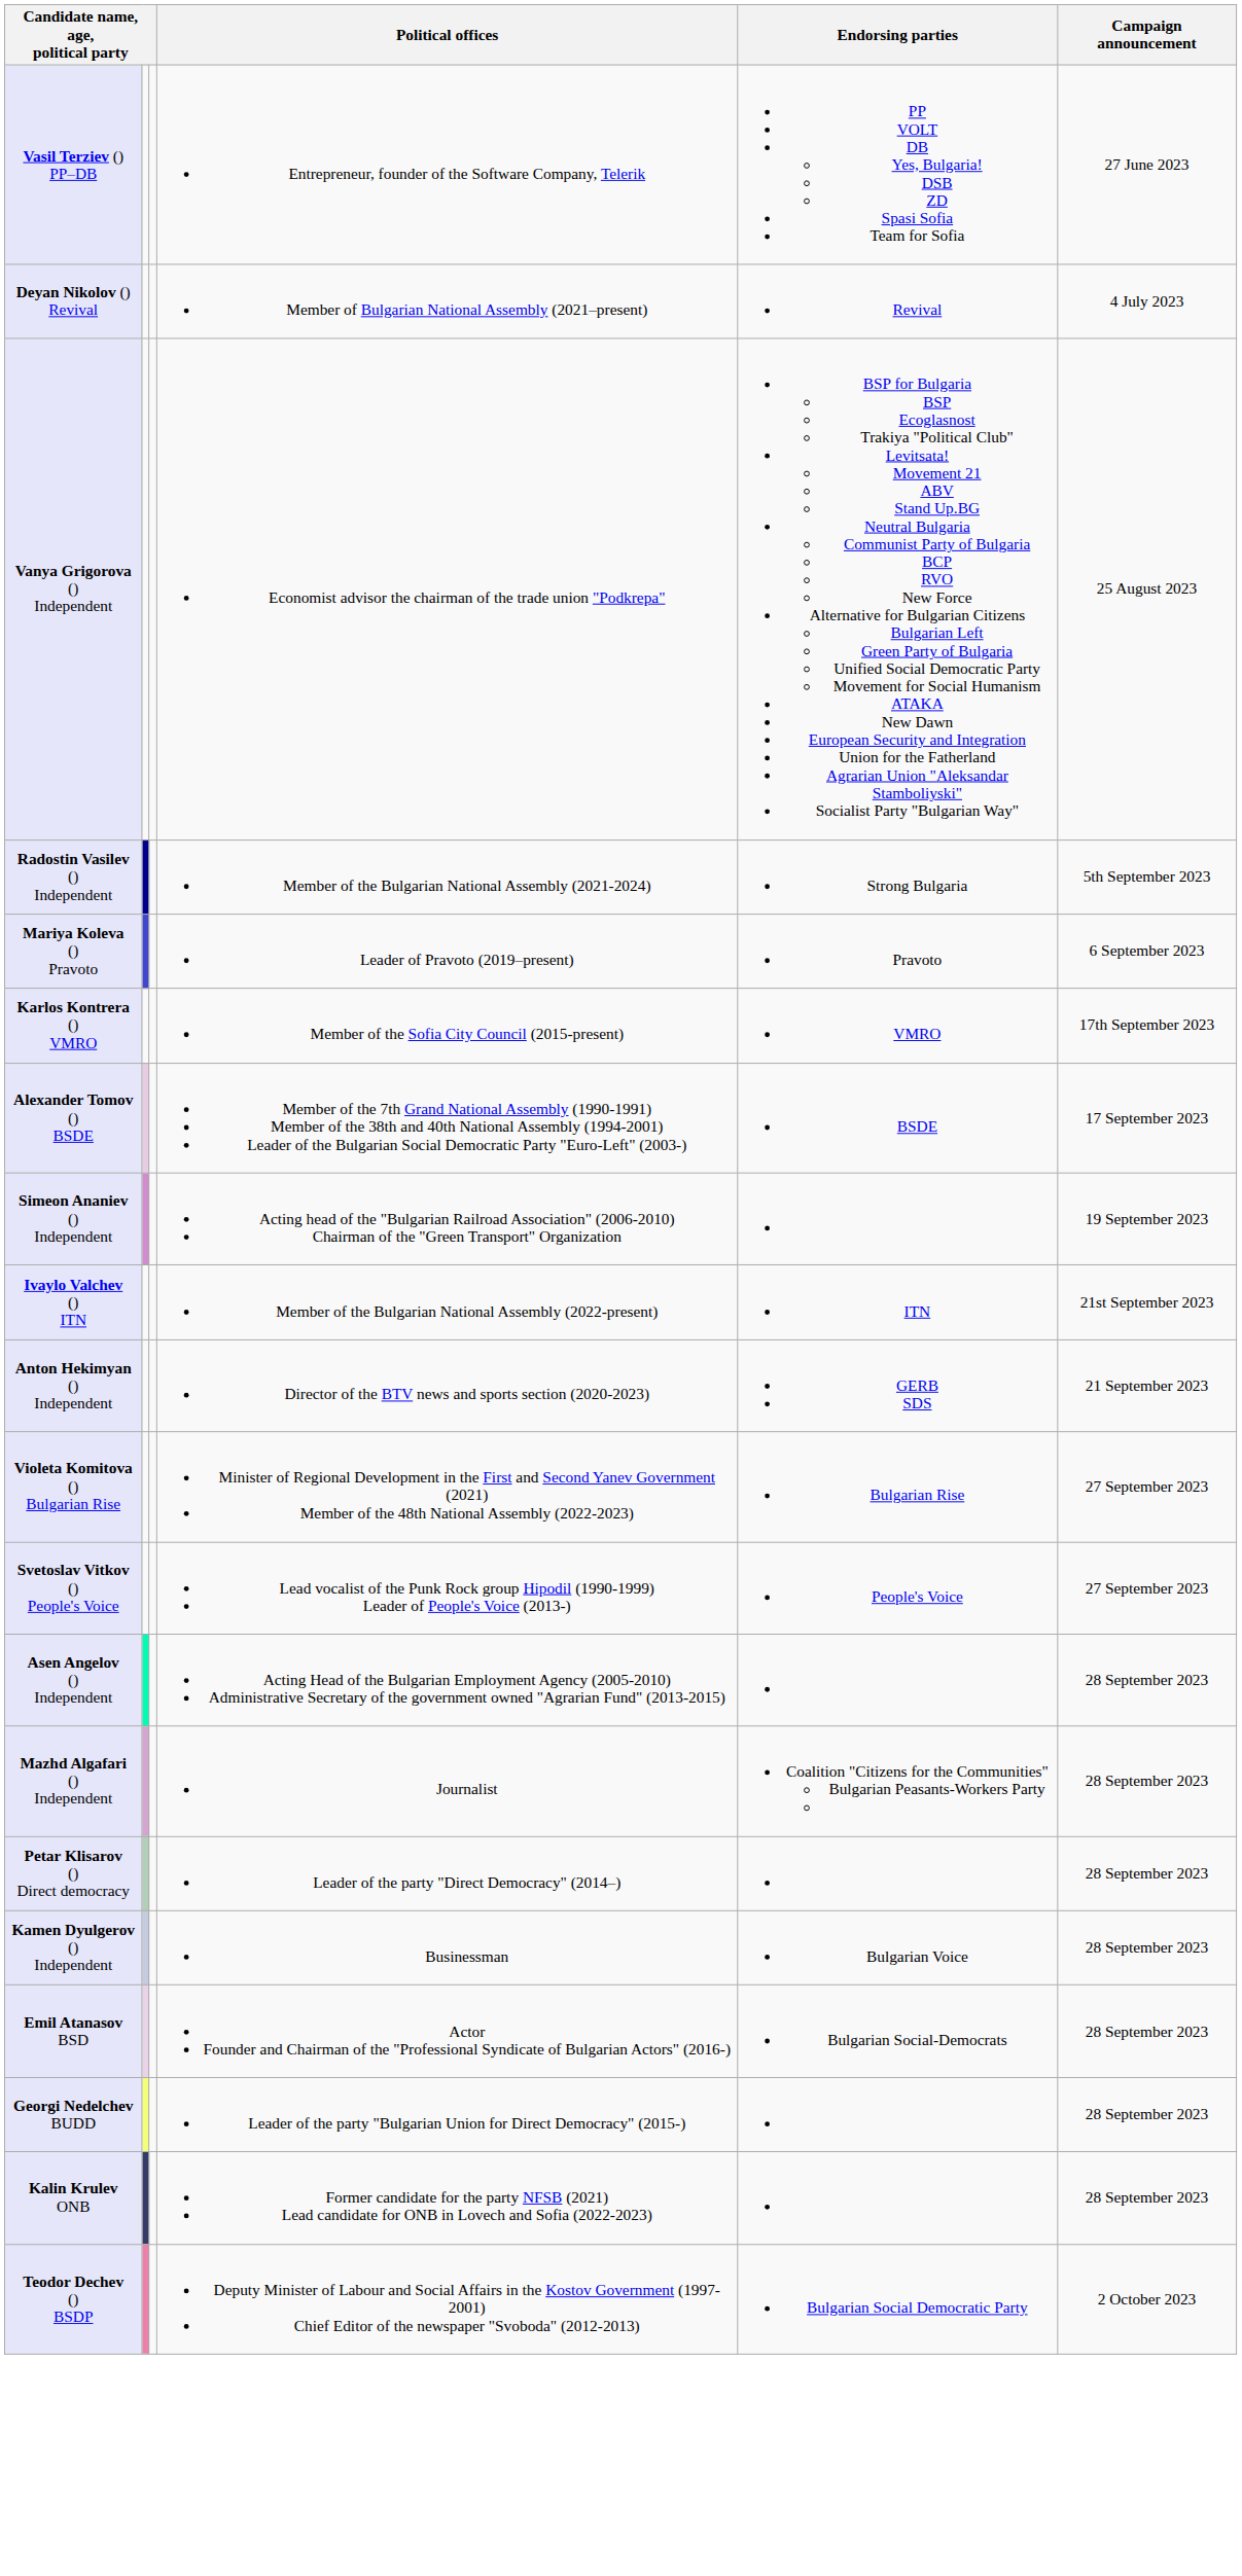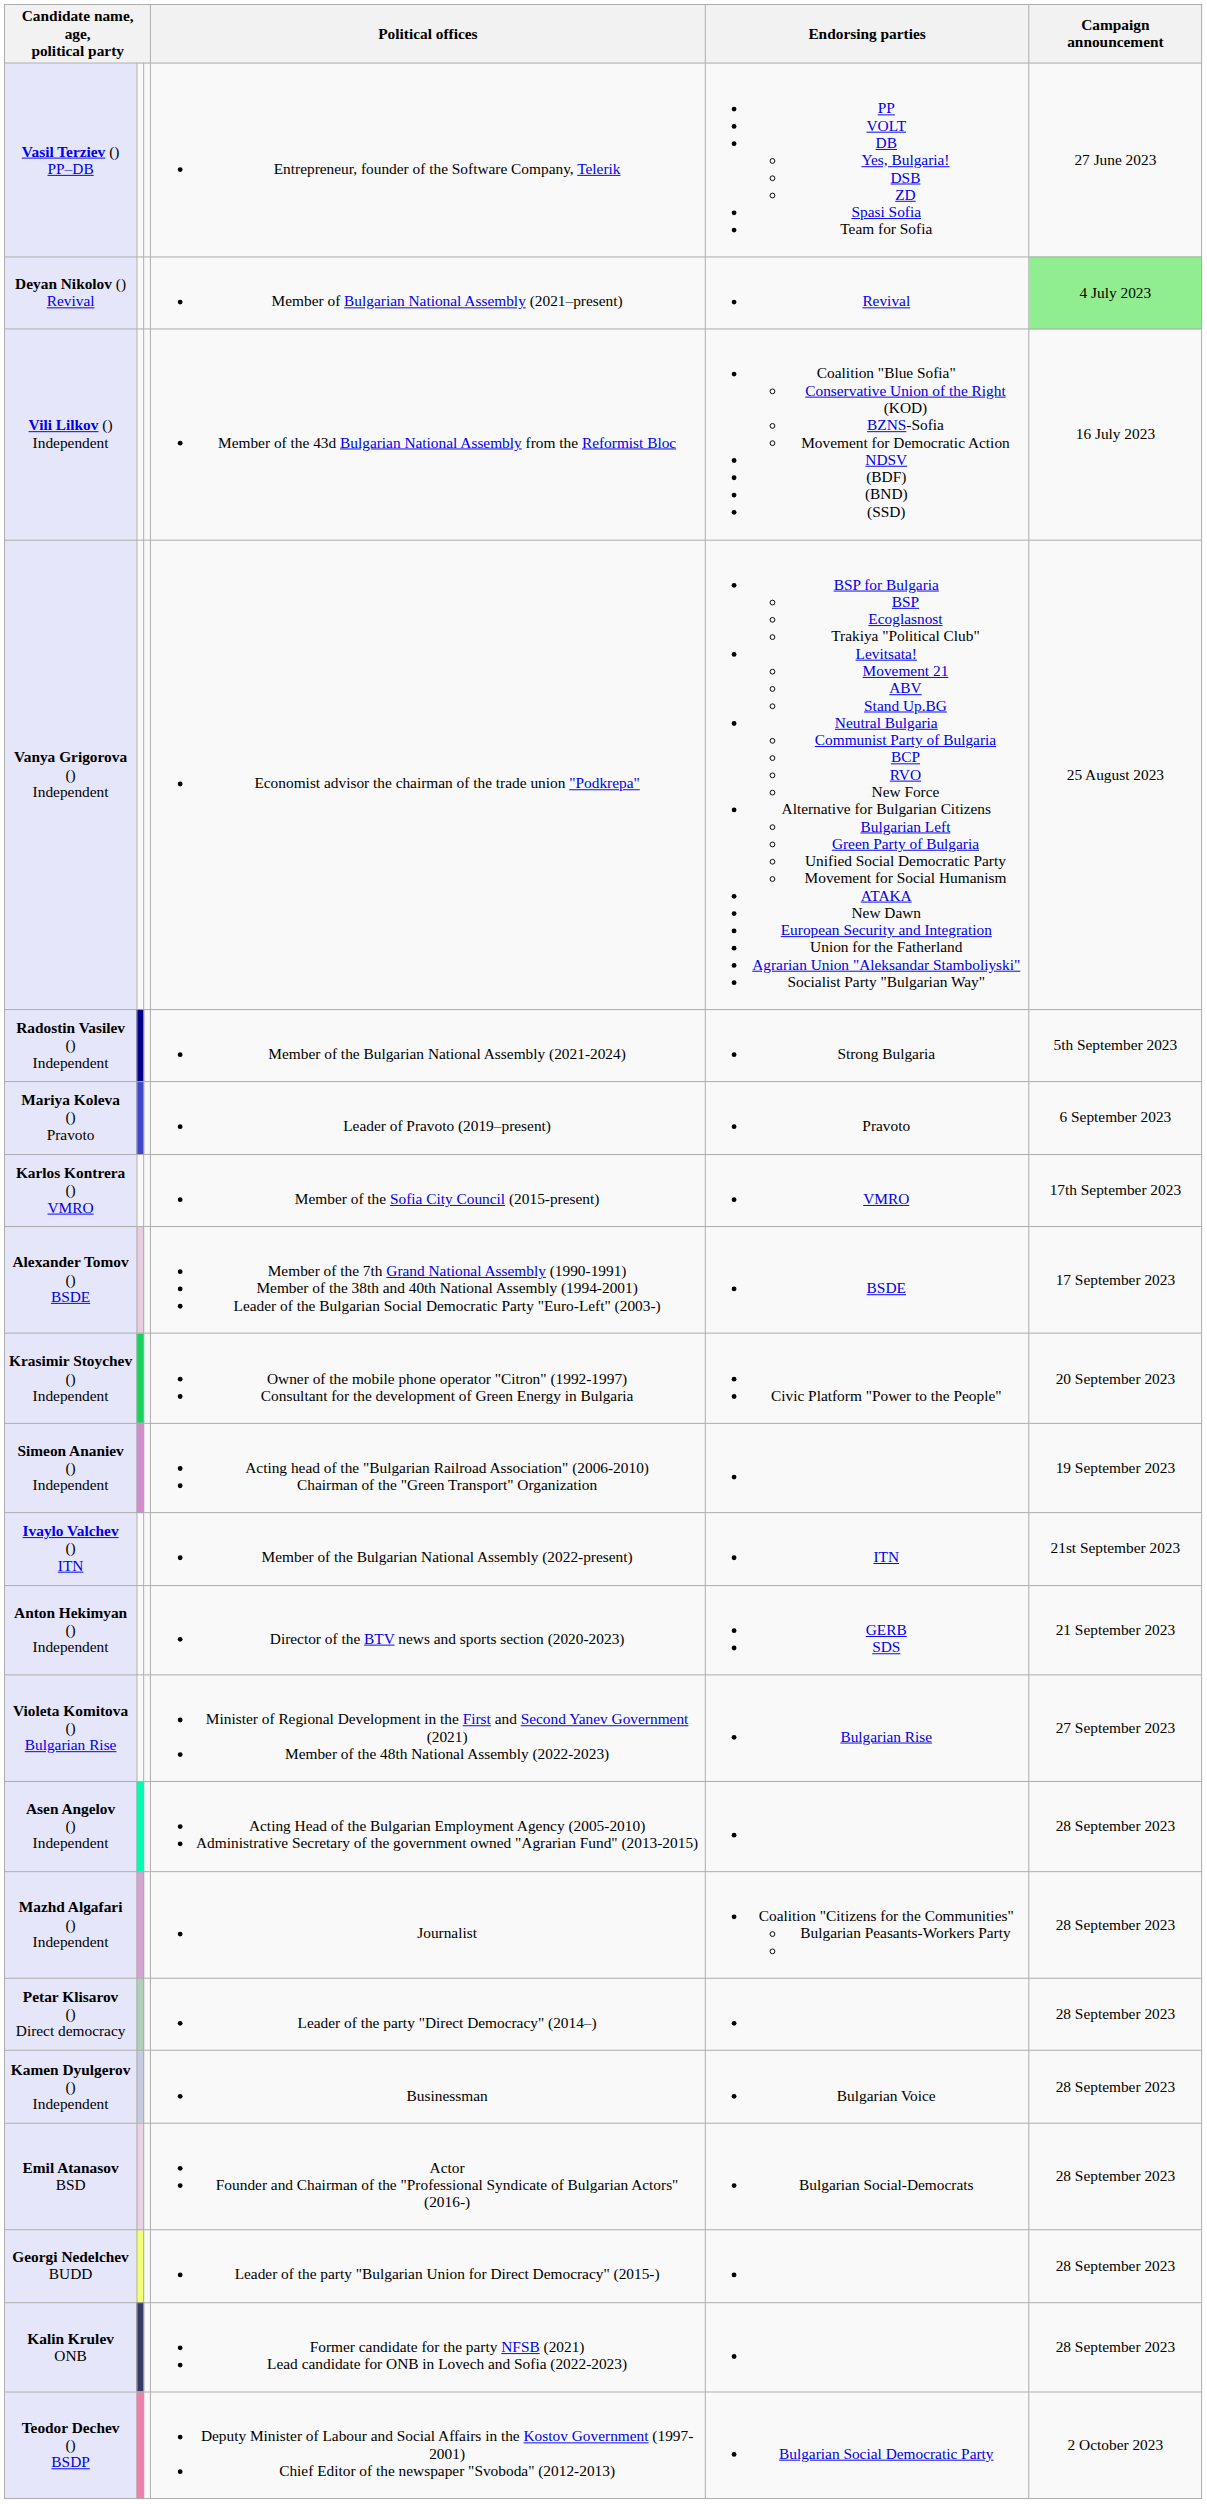 <table class="wikitable" style="text-align:center;">
 <tr>
 <th colspan="3">Candidate name, age,<br>political party</th>
 <th>Political offices</th>
 <th>Endorsing parties</th>
 <th>Campaign announcement</th>
 </tr>
 <tr>
 <td style="background:lavender;"><strong><a href='#'>Vasil Terziev</a></strong> ()<br><a href='#'>PP–DB</a></td>
 <td style="background-color:"></td>
 <td></td>
 <td><br><ul><li>Entrepreneur, founder of the Software Company, <a href='#'>Telerik</a></li></ul></td>
 <td><br><ul><li><a href='#'>PP</a></li><li><a href='#'>VOLT</a></li><li><a href='#'>DB</a><ul><li><a href='#'>Yes, Bulgaria!</a></li><li><a href='#'>DSB</a></li><li><a href='#'>ZD</a></li></ul></li><li><a href='#'>Spasi Sofia</a></li><li>Team for Sofia</li></ul></td>
 <td>27 June 2023</td>
 </tr>
 <tr>
 <td style="background:lavender;"><strong>Deyan Nikolov</strong> ()<br><a href='#'>Revival</a></td>
 <td style="background-color:"></td>
 <td></td>
 <td><br><ul><li>Member of <a href='#'>Bulgarian National Assembly</a> (2021–present)</li></ul></td>
 <td><br><ul><li><a href='#'>Revival</a></li></ul></td>
-<td>4 July 2023</td>
+<td style="background: lightgreen;">4 July 2023</td>
+</tr>
+<tr>
+<td style="background:lavender;"><strong><a href='#'>Vili Lilkov</a></strong> ()<br>Independent</td>
+<td style="background-color:"></td>
+<td></td>
+<td><br><ul><li>Member of the 43d <a href='#'>Bulgarian National Assembly</a> from the <a href='#'>Reformist Bloc</a></li></ul></td>
+<td><br><ul><li>Coalition "Blue Sofia"<ul><li><a href='#'>Conservative Union of the Right</a> (KOD)</li><li><a href='#'>BZNS</a>-Sofia</li><li>Movement for Democratic Action</li></ul></li><li><a href='#'>NDSV</a></li><li> (BDF)</li><li> (BND)</li><li> (SSD)</li></ul></td>
+<td>16 July 2023</td>
 </tr>
 <tr>
 <td style="background:lavender;"><strong>Vanya Grigorova</strong> ()<br>Independent</td>
 <td style="background-color:"></td>
 <td></td>
 <td><br><ul><li>Economist advisor the chairman of the trade union <a href='#'>"Podkrepa"</a></li></ul></td>
 <td><br><ul><li><a href='#'>BSP for Bulgaria</a><ul><li><a href='#'>BSP</a></li><li><a href='#'>Ecoglasnost</a></li><li>Trakiya "Political Club"</li></ul></li><li><a href='#'>Levitsata!</a><ul><li><a href='#'>Movement 21</a></li><li><a href='#'>ABV</a></li><li><a href='#'>Stand Up.BG</a></li></ul></li><li><a href='#'>Neutral Bulgaria</a><ul><li><a href='#'>Communist Party of Bulgaria</a></li><li><a href='#'>BCP</a></li><li><a href='#'>RVO</a></li><li>New Force</li></ul></li><li>Alternative for Bulgarian Citizens<ul><li><a href='#'>Bulgarian Left</a></li><li><a href='#'>Green Party of Bulgaria</a></li><li>Unified Social Democratic Party</li><li>Movement for Social Humanism</li></ul></li><li><a href='#'>ATAKA</a></li><li>New Dawn</li><li><a href='#'>European Security and Integration</a></li><li>Union for the Fatherland</li><li><a href='#'>Agrarian Union "Aleksandar Stamboliyski"</a></li><li>Socialist Party "Bulgarian Way"</li></ul></td>
 <td>25 August 2023</td>
 </tr>
 <tr>
 <td style="background:lavender;"><strong>Radostin Vasilev</strong><br>()<br>Independent</td>
 <td style="background:#00008b";></td>
 <td></td>
 <td><br><ul><li>Member of the Bulgarian National Assembly (2021-2024)</li></ul></td>
 <td><br><ul><li>Strong Bulgaria</li></ul></td>
 <td>5th September 2023</td>
 </tr>
 <tr>
 <td style="background:lavender;"><strong>Mariya Koleva</strong><br>()<br>Pravoto</td>
 <td style="background:#4047CB;"></td>
 <td></td>
 <td><br><ul><li>Leader of Pravoto (2019–present)</li></ul></td>
 <td><br><ul><li>Pravoto</li></ul></td>
 <td>6 September 2023</td>
 </tr>
 <tr>
 <td style="background:lavender;"><strong>Karlos Kontrera</strong><br>()<br><a href='#'>VMRO</a></td>
 <td style="background-color:"></td>
 <td></td>
 <td><br><ul><li>Member of the <a href='#'>Sofia City Council</a> (2015-present)</li></ul></td>
 <td><br><ul><li><a href='#'>VMRO</a></li></ul></td>
 <td>17th September 2023</td>
 </tr>
 <tr>
 <td style="background:lavender;"><strong>Alexander Tomov</strong><br>()<br><a href='#'>BSDE</a></td>
 <td style="background:#e8cce1;"></td>
 <td></td>
 <td><br><ul><li>Member of the 7th <a href='#'>Grand National Assembly</a> (1990-1991)</li><li>Member of the 38th and 40th National Assembly  (1994-2001)</li><li>Leader of the Bulgarian Social Democratic Party "Euro-Left" (2003-)</li></ul></td>
 <td><br><ul><li><a href='#'>BSDE</a></li></ul></td>
 <td>17 September 2023</td>
 </tr>
 <tr>
+<td style="background:lavender;"><strong>Krasimir Stoychev</strong><br>()<br>Independent</td>
+<td style="background:#19d15d;"></td>
+<td></td>
+<td><br><ul><li>Owner of the mobile phone operator "Citron" (1992-1997)</li><li>Consultant for the development of Green Energy in Bulgaria</li></ul></td>
+<td><br><ul><li></li><li>Civic Platform "Power to the People"</li></ul></td>
+<td>20 September 2023</td>
+</tr>
+<tr>
 <td style="background:lavender;"><strong>Simeon Ananiev</strong><br>()<br>Independent</td>
 <td style="background:#d18cce;"></td>
 <td></td>
 <td><br><ul><li>Acting head of the "Bulgarian Railroad Association" (2006-2010)</li><li>Chairman of the "Green Transport" Organization</li></ul></td>
 <td><br><ul><li></li></ul></td>
 <td>19 September 2023</td>
 </tr>
 <tr>
 <td style="background:lavender;"><strong><a href='#'>Ivaylo Valchev</a></strong><br>()<br><a href='#'>ITN</a></td>
 <td style="background-color:"></td>
 <td></td>
 <td><br><ul><li>Member of the Bulgarian National Assembly (2022-present)</li></ul></td>
 <td><br><ul><li><a href='#'>ITN</a></li></ul></td>
 <td>21st September 2023</td>
 </tr>
 <tr>
 <td style="background:lavender;"><strong>Anton Hekimyan</strong><br>()<br>Independent</td>
 <td style="background-color:"></td>
 <td></td>
 <td><br><ul><li>Director of the <a href='#'>BTV</a> news and sports section (2020-2023)</li></ul></td>
 <td><br><ul><li><a href='#'>GERB</a></li><li><a href='#'>SDS</a></li></ul></td>
 <td>21 September 2023</td>
 </tr>
 <tr>
 <td style="background:lavender;"><strong>Violeta Komitova</strong><br>()<br><a href='#'>Bulgarian Rise</a></td>
 <td style="background-color:"></td>
 <td></td>
 <td><br><ul><li>Minister of Regional Development in the <a href='#'>First</a> and <a href='#'>Second Yanev Government</a> (2021)</li><li>Member of the 48th National Assembly (2022-2023)</li></ul></td>
 <td><br><ul><li><a href='#'>Bulgarian Rise</a></li></ul></td>
-<td>27 September 2023</td>
-</tr>
-<tr>
-<td style="background:lavender;"><strong>Svetoslav Vitkov</strong><br>()<br><a href='#'>People's Voice</a></td>
-<td style="background-color:"></td>
-<td></td>
-<td><br><ul><li>Lead vocalist of the Punk Rock group <a href='#'>Hipodil</a> (1990-1999)</li><li>Leader of <a href='#'>People's Voice</a> (2013-)</li></ul></td>
-<td><br><ul><li><a href='#'>People's Voice</a></li></ul></td>
 <td>27 September 2023</td>
 </tr>
 <tr>
 <td style="background:lavender;"><strong>Asen Angelov</strong><br>()<br>Independent</td>
 <td style="background:#03fcb1;"></td>
 <td></td>
 <td><br><ul><li>Acting Head of the Bulgarian Employment Agency (2005-2010)</li><li>Administrative Secretary of the government owned "Agrarian Fund" (2013-2015)</li></ul></td>
 <td><br><ul><li></li></ul></td>
 <td>28 September 2023</td>
 </tr>
 <tr>
 <td style="background:lavender;"><strong>Mazhd Algafari</strong><br>()<br>Independent</td>
 <td style="background:#d4a5d1;"></td>
 <td></td>
 <td><br><ul><li>Journalist</li></ul></td>
 <td><br><ul><li>Coalition "Citizens for the Communities"<ul><li>Bulgarian Peasants-Workers Party</li><li></li></ul></li></ul></td>
 <td>28 September 2023</td>
 </tr>
 <tr>
 <td style="background:lavender;"><strong>Petar Klisarov</strong><br>()<br>Direct democracy</td>
 <td style="background:#b2cfb7;"></td>
 <td></td>
 <td><br><ul><li>Leader of the party "Direct Democracy" (2014–)</li></ul></td>
 <td><br><ul><li></li></ul></td>
 <td>28 September 2023</td>
 </tr>
 <tr>
 <td style="background:lavender;"><strong>Kamen Dyulgerov</strong><br>()<br> Independent</td>
 <td style="background:#c5cce0;"></td>
 <td></td>
 <td><br><ul><li>Businessman</li></ul></td>
 <td><br><ul><li>Bulgarian Voice</li></ul></td>
 <td>28 September 2023</td>
 </tr>
 <tr>
 <td style="background:lavender;"><strong>Emil Atanasov</strong><br> BSD</td>
 <td style="background:#e8d3e7"></td>
 <td></td>
 <td><br><ul><li>Actor</li><li>Founder and Chairman of the "Professional Syndicate of Bulgarian Actors" (2016-)</li></ul></td>
 <td><br><ul><li>Bulgarian Social-Democrats</li></ul></td>
 <td>28 September 2023</td>
 </tr>
 <tr>
 <td style="background:lavender;"><strong>Georgi Nedelchev</strong><br> BUDD</td>
 <td style="background:#f2ff7a"></td>
 <td></td>
 <td><br><ul><li>Leader of the party "Bulgarian Union for Direct Democracy" (2015-)</li></ul></td>
 <td><br><ul><li></li></ul></td>
 <td>28 September 2023</td>
 </tr>
 <tr>
 <td style="background:lavender;"><strong>Kalin Krulev</strong><br> ONB</td>
 <td style="background:#353a66"></td>
 <td></td>
 <td><br><ul><li>Former candidate for the party <a href='#'>NFSB</a> (2021)</li><li>Lead candidate for ONB in Lovech and Sofia (2022-2023)</li></ul></td>
 <td><br><ul><li></li></ul></td>
 <td>28 September 2023</td>
 </tr>
 <tr>
 <td style="background:lavender;"><strong>Teodor Dechev</strong><br>()<br><a href='#'>BSDP</a></td>
 <td style="background:#eb81a9;"></td>
 <td></td>
 <td><br><ul><li>Deputy Minister of Labour and Social Affairs in the <a href='#'>Kostov Government</a> (1997-2001)</li><li>Chief Editor of the newspaper "Svoboda" (2012-2013)</li></ul></td>
 <td><br><ul><li><a href='#'>Bulgarian Social Democratic Party</a></li></ul></td>
 <td>2 October 2023</td>
 </tr>
 </table>
